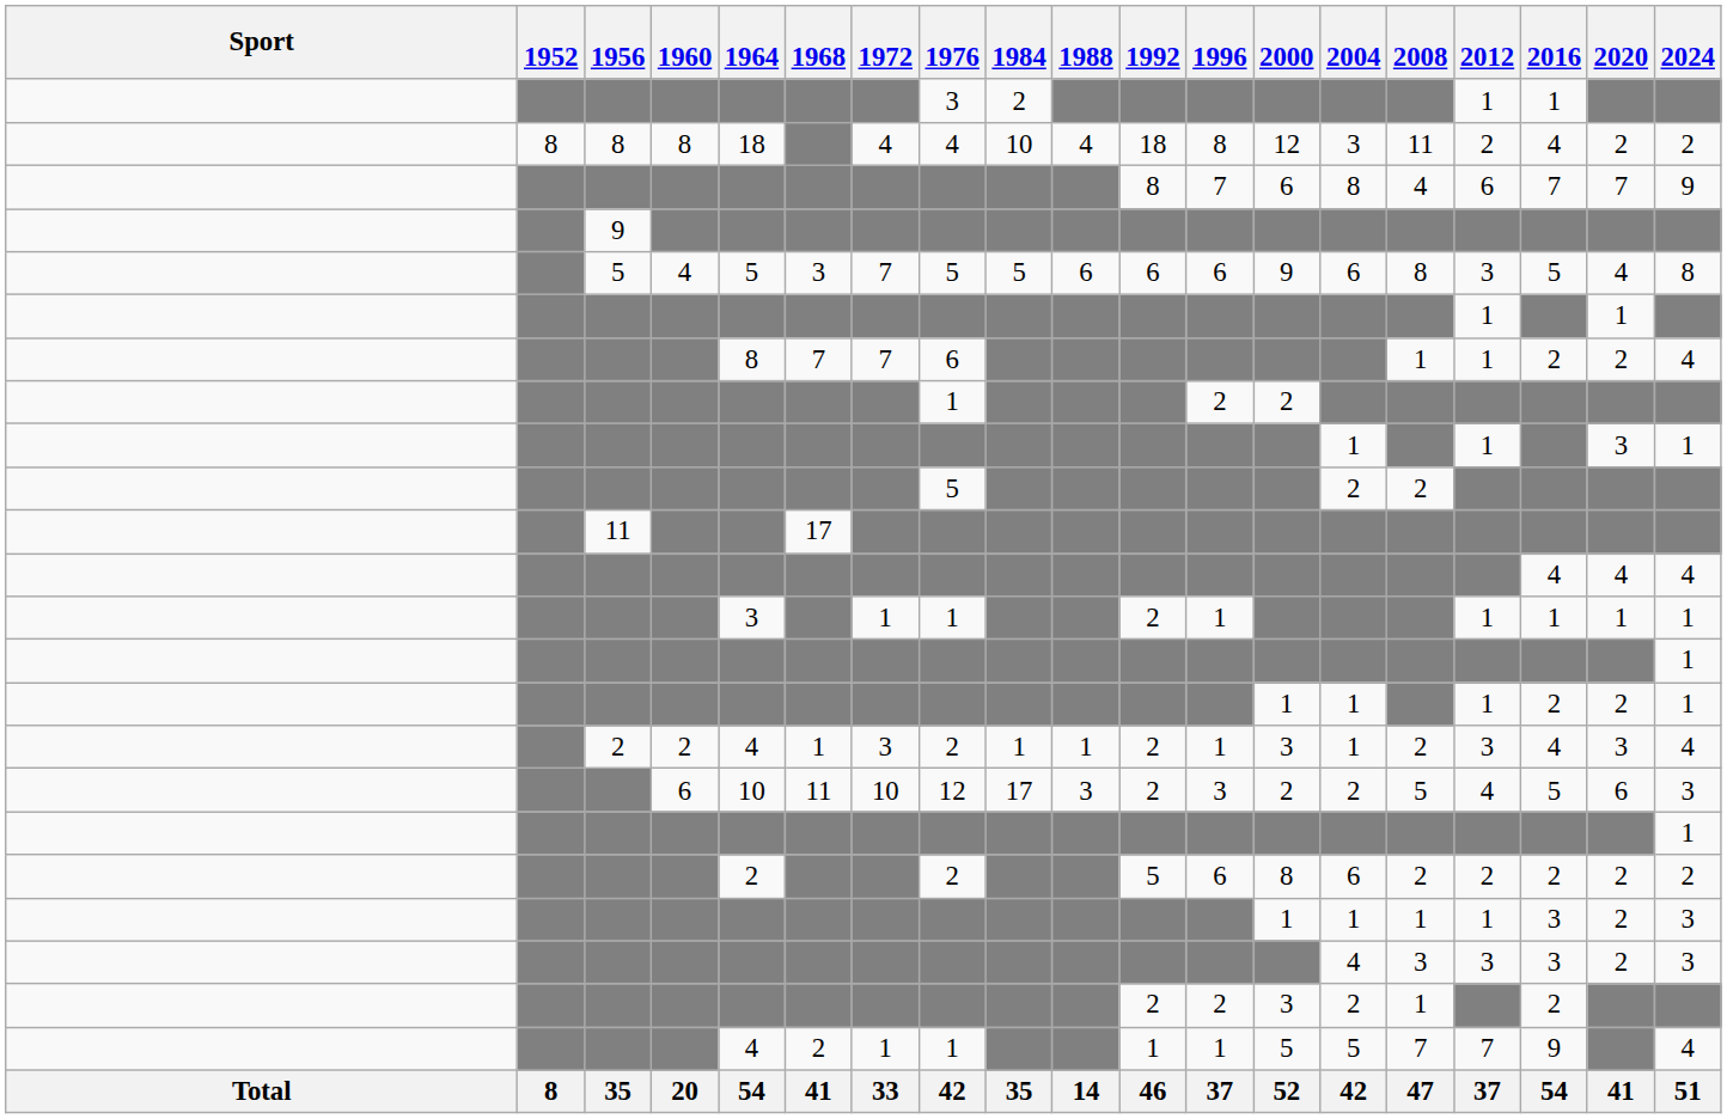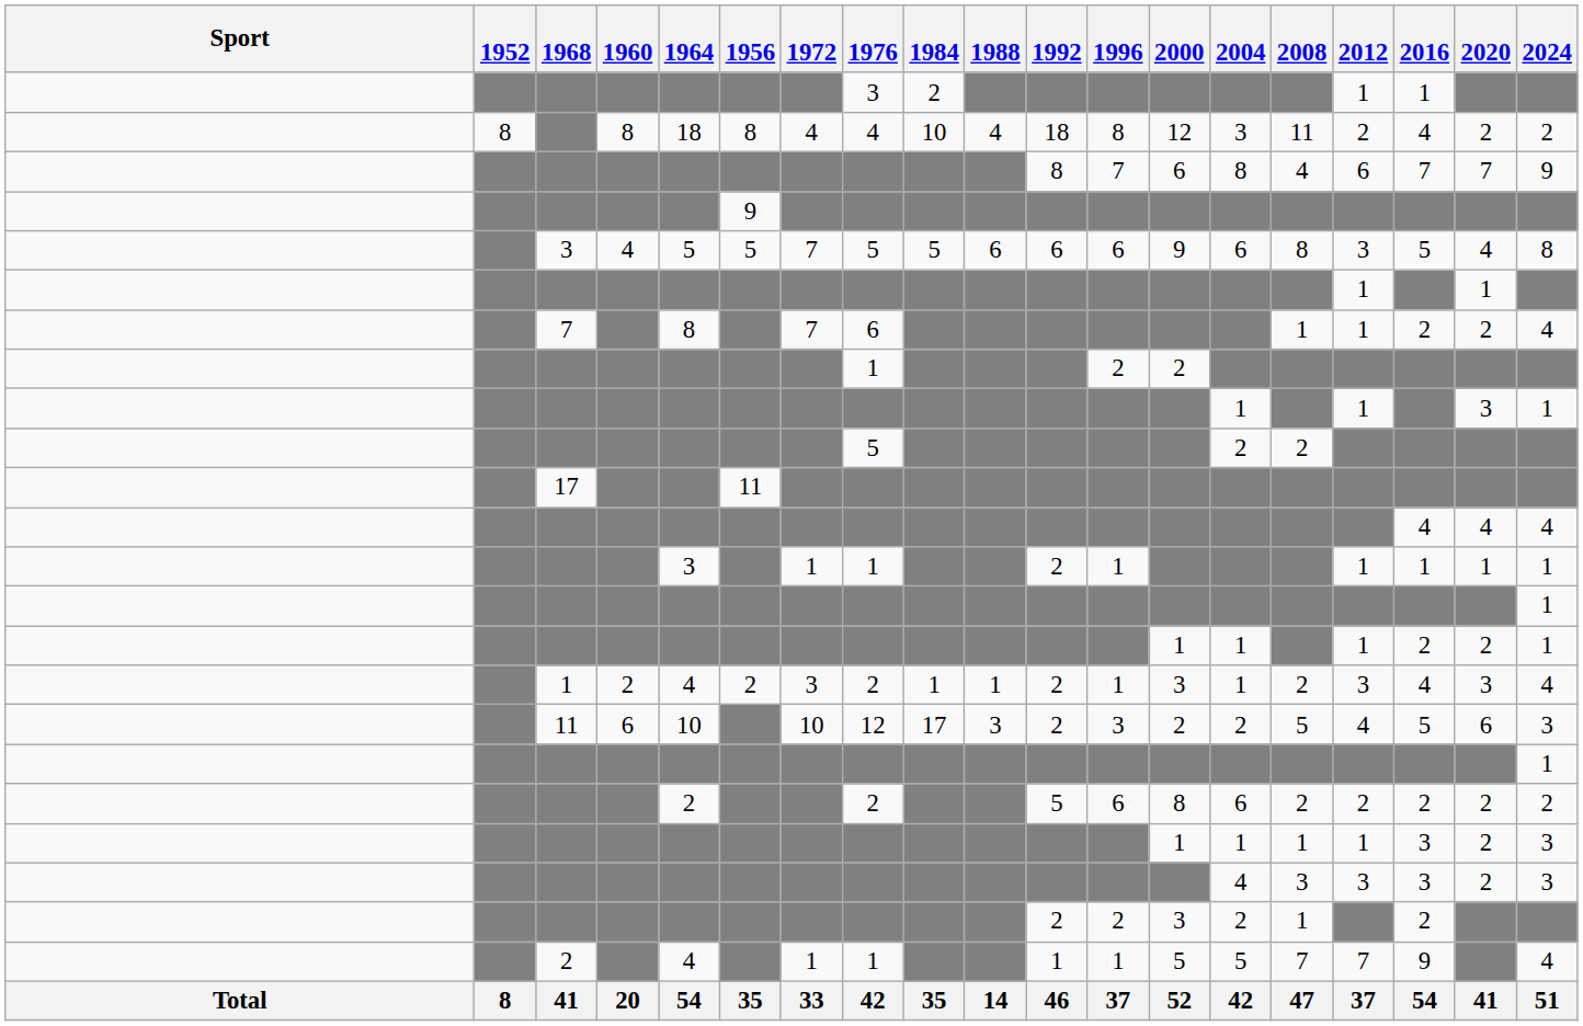 <table class="wikitable" width=80%>
 <tr>
 <th style="width:30em">Sport</th>
 <th><br><a href='#'>1952</a></th>
-<th><br><a href='#'>1956</a></th>
+<th><br><a href='#'>1968</a></th>
 <th><br><a href='#'>1960</a></th>
 <th><br><a href='#'>1964</a></th>
-<th><br><a href='#'>1968</a></th>
+<th><br><a href='#'>1956</a></th>
 <th><br><a href='#'>1972</a></th>
 <th><br><a href='#'>1976</a></th>
 <th><br><a href='#'>1984</a></th>
 <th><br><a href='#'>1988</a></th>
 <th><br><a href='#'>1992</a></th>
 <th><br><a href='#'>1996</a></th>
 <th><br><a href='#'>2000</a></th>
 <th><br><a href='#'>2004</a></th>
 <th><br><a href='#'>2008</a></th>
 <th><br><a href='#'>2012</a></th>
 <th><br><a href='#'>2016</a></th>
 <th><br><a href='#'>2020</a></th>
 <th><br><a href='#'>2024</a></th>
 </tr>
 <tr>
 <td></td>
 <td bgcolor=grey></td>
 <td bgcolor=grey></td>
 <td bgcolor=grey></td>
 <td bgcolor=grey></td>
 <td bgcolor=grey></td>
 <td bgcolor=grey></td>
 <td align=center>3</td>
 <td align=center>2</td>
 <td bgcolor=grey></td>
 <td bgcolor=grey></td>
 <td bgcolor=grey></td>
 <td bgcolor=grey></td>
 <td bgcolor=grey></td>
 <td bgcolor=grey></td>
 <td align=center>1</td>
 <td align=center>1</td>
 <td bgcolor=grey></td>
 <td bgcolor=grey></td>
 </tr>
 <tr>
 <td></td>
 <td align=center>8</td>
-<td align=center>8</td>
+<td bgcolor=grey></td>
 <td align=center>8</td>
 <td align=center>18</td>
-<td bgcolor=grey></td>
+<td align=center>8</td>
 <td align=center>4</td>
 <td align=center>4</td>
 <td align=center>10</td>
 <td align=center>4</td>
 <td align=center>18</td>
 <td align=center>8</td>
 <td align=center>12</td>
 <td align=center>3</td>
 <td align=center>11</td>
 <td align=center>2</td>
 <td align=center>4</td>
 <td align=center>2</td>
 <td align=center>2</td>
 </tr>
 <tr>
 <td></td>
 <td bgcolor=grey></td>
 <td bgcolor=grey></td>
 <td bgcolor=grey></td>
 <td bgcolor=grey></td>
 <td bgcolor=grey></td>
 <td bgcolor=grey></td>
 <td bgcolor=grey></td>
 <td bgcolor=grey></td>
 <td bgcolor=grey></td>
 <td align=center>8</td>
 <td align=center>7</td>
 <td align=center>6</td>
 <td align=center>8</td>
 <td align=center>4</td>
 <td align=center>6</td>
 <td align=center>7</td>
 <td align=center>7</td>
 <td align=center>9</td>
 </tr>
 <tr>
 <td></td>
 <td bgcolor=grey></td>
-<td align=center>9</td>
 <td bgcolor=grey></td>
 <td bgcolor=grey></td>
 <td bgcolor=grey></td>
+<td align=center>9</td>
 <td bgcolor=grey></td>
 <td bgcolor=grey></td>
 <td bgcolor=grey></td>
 <td bgcolor=grey></td>
 <td bgcolor=grey></td>
 <td bgcolor=grey></td>
 <td bgcolor=grey></td>
 <td bgcolor=grey></td>
 <td bgcolor=grey></td>
 <td bgcolor=grey></td>
 <td bgcolor=grey></td>
 <td bgcolor=grey></td>
 <td bgcolor=grey></td>
 </tr>
 <tr>
 <td></td>
 <td bgcolor=grey></td>
-<td align=center>5</td>
+<td align=center>3</td>
 <td align=center>4</td>
 <td align=center>5</td>
-<td align=center>3</td>
+<td align=center>5</td>
 <td align=center>7</td>
 <td align=center>5</td>
 <td align=center>5</td>
 <td align=center>6</td>
 <td align=center>6</td>
 <td align=center>6</td>
 <td align=center>9</td>
 <td align=center>6</td>
 <td align=center>8</td>
 <td align=center>3</td>
 <td align=center>5</td>
 <td align=center>4</td>
 <td align=center>8</td>
 </tr>
 <tr>
 <td></td>
 <td bgcolor=grey></td>
 <td bgcolor=grey></td>
 <td bgcolor=grey></td>
 <td bgcolor=grey></td>
 <td bgcolor=grey></td>
 <td bgcolor=grey></td>
 <td bgcolor=grey></td>
 <td bgcolor=grey></td>
 <td bgcolor=grey></td>
 <td bgcolor=grey></td>
 <td bgcolor=grey></td>
 <td bgcolor=grey></td>
 <td bgcolor=grey></td>
 <td bgcolor=grey></td>
 <td align=center>1</td>
 <td bgcolor=grey></td>
 <td align=center>1</td>
 <td bgcolor=grey></td>
 </tr>
 <tr>
 <td></td>
 <td bgcolor=grey></td>
-<td bgcolor=grey></td>
+<td align=center>7</td>
 <td bgcolor=grey></td>
 <td align=center>8</td>
-<td align=center>7</td>
+<td bgcolor=grey></td>
 <td align=center>7</td>
 <td align=center>6</td>
 <td bgcolor=grey></td>
 <td bgcolor=grey></td>
 <td bgcolor=grey></td>
 <td bgcolor=grey></td>
 <td bgcolor=grey></td>
 <td bgcolor=grey></td>
 <td align=center>1</td>
 <td align=center>1</td>
 <td align=center>2</td>
 <td align=center>2</td>
 <td align=center>4</td>
 </tr>
 <tr>
 <td></td>
 <td bgcolor=grey></td>
 <td bgcolor=grey></td>
 <td bgcolor=grey></td>
 <td bgcolor=grey></td>
 <td bgcolor=grey></td>
 <td bgcolor=grey></td>
 <td align=center>1</td>
 <td bgcolor=grey></td>
 <td bgcolor=grey></td>
 <td bgcolor=grey></td>
 <td align=center>2</td>
 <td align=center>2</td>
 <td bgcolor=grey></td>
 <td bgcolor=grey></td>
 <td bgcolor=grey></td>
 <td bgcolor=grey></td>
 <td bgcolor=grey></td>
 <td bgcolor=grey></td>
 </tr>
 <tr>
 <td></td>
 <td bgcolor=grey></td>
 <td bgcolor=grey></td>
 <td bgcolor=grey></td>
 <td bgcolor=grey></td>
 <td bgcolor=grey></td>
 <td bgcolor=grey></td>
 <td bgcolor=grey></td>
 <td bgcolor=grey></td>
 <td bgcolor=grey></td>
 <td bgcolor=grey></td>
 <td bgcolor=grey></td>
 <td bgcolor=grey></td>
 <td align=center>1</td>
 <td bgcolor=grey></td>
 <td align=center>1</td>
 <td bgcolor=grey></td>
 <td align=center>3</td>
 <td align=center>1</td>
 </tr>
 <tr>
 <td></td>
 <td bgcolor=grey></td>
 <td bgcolor=grey></td>
 <td bgcolor=grey></td>
 <td bgcolor=grey></td>
 <td bgcolor=grey></td>
 <td bgcolor=grey></td>
 <td align=center>5</td>
 <td bgcolor=grey></td>
 <td bgcolor=grey></td>
 <td bgcolor=grey></td>
 <td bgcolor=grey></td>
 <td bgcolor=grey></td>
 <td align=center>2</td>
 <td align=center>2</td>
 <td bgcolor=grey></td>
 <td bgcolor=grey></td>
 <td bgcolor=grey></td>
 <td bgcolor=grey></td>
 </tr>
 <tr>
 <td></td>
 <td bgcolor=grey></td>
-<td align=center>11</td>
+<td align=center>17</td>
 <td bgcolor=grey></td>
 <td bgcolor=grey></td>
-<td align=center>17</td>
+<td align=center>11</td>
 <td bgcolor=grey></td>
 <td bgcolor=grey></td>
 <td bgcolor=grey></td>
 <td bgcolor=grey></td>
 <td bgcolor=grey></td>
 <td bgcolor=grey></td>
 <td bgcolor=grey></td>
 <td bgcolor=grey></td>
 <td bgcolor=grey></td>
 <td bgcolor=grey></td>
 <td bgcolor=grey></td>
 <td bgcolor=grey></td>
 <td bgcolor=grey></td>
 </tr>
 <tr>
 <td></td>
 <td bgcolor=grey></td>
 <td bgcolor=grey></td>
 <td bgcolor=grey></td>
 <td bgcolor=grey></td>
 <td bgcolor=grey></td>
 <td bgcolor=grey></td>
 <td bgcolor=grey></td>
 <td bgcolor=grey></td>
 <td bgcolor=grey></td>
 <td bgcolor=grey></td>
 <td bgcolor=grey></td>
 <td bgcolor=grey></td>
 <td bgcolor=grey></td>
 <td bgcolor=grey></td>
 <td bgcolor=grey></td>
 <td align=center>4</td>
 <td align=center>4</td>
 <td align=center>4</td>
 </tr>
 <tr>
 <td></td>
 <td bgcolor=grey></td>
 <td bgcolor=grey></td>
 <td bgcolor=grey></td>
 <td align=center>3</td>
 <td bgcolor=grey></td>
 <td align=center>1</td>
 <td align=center>1</td>
 <td bgcolor=grey></td>
 <td bgcolor=grey></td>
 <td align=center>2</td>
 <td align=center>1</td>
 <td bgcolor=grey></td>
 <td bgcolor=grey></td>
 <td bgcolor=grey></td>
 <td align=center>1</td>
 <td align=center>1</td>
 <td align=center>1</td>
 <td align=center>1</td>
 </tr>
 <tr>
 <td></td>
 <td bgcolor=grey></td>
 <td bgcolor=grey></td>
 <td bgcolor=grey></td>
 <td bgcolor=grey></td>
 <td bgcolor=grey></td>
 <td bgcolor=grey></td>
 <td bgcolor=grey></td>
 <td bgcolor=grey></td>
 <td bgcolor=grey></td>
 <td bgcolor=grey></td>
 <td bgcolor=grey></td>
 <td bgcolor=grey></td>
 <td bgcolor=grey></td>
 <td bgcolor=grey></td>
 <td bgcolor=grey></td>
 <td bgcolor=grey></td>
 <td bgcolor=grey></td>
 <td align=center>1</td>
 </tr>
 <tr>
 <td></td>
 <td bgcolor=grey></td>
 <td bgcolor=grey></td>
 <td bgcolor=grey></td>
 <td bgcolor=grey></td>
 <td bgcolor=grey></td>
 <td bgcolor=grey></td>
 <td bgcolor=grey></td>
 <td bgcolor=grey></td>
 <td bgcolor=grey></td>
 <td bgcolor=grey></td>
 <td bgcolor=grey></td>
 <td align=center>1</td>
 <td align=center>1</td>
 <td bgcolor=grey></td>
 <td align=center>1</td>
 <td align=center>2</td>
 <td align=center>2</td>
 <td align=center>1</td>
 </tr>
 <tr>
 <td></td>
 <td bgcolor=grey></td>
-<td align=center>2</td>
+<td align=center>1</td>
 <td align=center>2</td>
 <td align=center>4</td>
-<td align=center>1</td>
+<td align=center>2</td>
 <td align=center>3</td>
 <td align=center>2</td>
 <td align=center>1</td>
 <td align=center>1</td>
 <td align=center>2</td>
 <td align=center>1</td>
 <td align=center>3</td>
 <td align=center>1</td>
 <td align=center>2</td>
 <td align=center>3</td>
 <td align=center>4</td>
 <td align=center>3</td>
 <td align=center>4</td>
 </tr>
 <tr>
 <td></td>
 <td bgcolor=grey></td>
-<td bgcolor=grey></td>
+<td align=center>11</td>
 <td align=center>6</td>
 <td align=center>10</td>
-<td align=center>11</td>
+<td bgcolor=grey></td>
 <td align=center>10</td>
 <td align=center>12</td>
 <td align=center>17</td>
 <td align=center>3</td>
 <td align=center>2</td>
 <td align=center>3</td>
 <td align=center>2</td>
 <td align=center>2</td>
 <td align=center>5</td>
 <td align=center>4</td>
 <td align=center>5</td>
 <td align=center>6</td>
 <td align=center>3</td>
 </tr>
 <tr>
 <td></td>
 <td bgcolor=grey></td>
 <td bgcolor=grey></td>
 <td bgcolor=grey></td>
 <td bgcolor=grey></td>
 <td bgcolor=grey></td>
 <td bgcolor=grey></td>
 <td bgcolor=grey></td>
 <td bgcolor=grey></td>
 <td bgcolor=grey></td>
 <td bgcolor=grey></td>
 <td bgcolor=grey></td>
 <td bgcolor=grey></td>
 <td bgcolor=grey></td>
 <td bgcolor=grey></td>
 <td bgcolor=grey></td>
 <td bgcolor=grey></td>
 <td bgcolor=grey></td>
 <td align=center>1</td>
 </tr>
 <tr>
 <td></td>
 <td bgcolor=grey></td>
 <td bgcolor=grey></td>
 <td bgcolor=grey></td>
 <td align=center>2</td>
 <td bgcolor=grey></td>
 <td bgcolor=grey></td>
 <td align=center>2</td>
 <td bgcolor=grey></td>
 <td bgcolor=grey></td>
 <td align=center>5</td>
 <td align=center>6</td>
 <td align=center>8</td>
 <td align=center>6</td>
 <td align=center>2</td>
 <td align=center>2</td>
 <td align=center>2</td>
 <td align=center>2</td>
 <td align=center>2</td>
 </tr>
 <tr>
 <td></td>
 <td bgcolor=grey></td>
 <td bgcolor=grey></td>
 <td bgcolor=grey></td>
 <td bgcolor=grey></td>
 <td bgcolor=grey></td>
 <td bgcolor=grey></td>
 <td bgcolor=grey></td>
 <td bgcolor=grey></td>
 <td bgcolor=grey></td>
 <td bgcolor=grey></td>
 <td bgcolor=grey></td>
 <td align=center>1</td>
 <td align=center>1</td>
 <td align=center>1</td>
 <td align=center>1</td>
 <td align=center>3</td>
 <td align=center>2</td>
 <td align=center>3</td>
 </tr>
 <tr>
 <td></td>
 <td bgcolor=grey></td>
 <td bgcolor=grey></td>
 <td bgcolor=grey></td>
 <td bgcolor=grey></td>
 <td bgcolor=grey></td>
 <td bgcolor=grey></td>
 <td bgcolor=grey></td>
 <td bgcolor=grey></td>
 <td bgcolor=grey></td>
 <td bgcolor=grey></td>
 <td bgcolor=grey></td>
 <td bgcolor=grey></td>
 <td align=center>4</td>
 <td align=center>3</td>
 <td align=center>3</td>
 <td align=center>3</td>
 <td align=center>2</td>
 <td align=center>3</td>
 </tr>
 <tr>
 <td></td>
 <td bgcolor=grey></td>
 <td bgcolor=grey></td>
 <td bgcolor=grey></td>
 <td bgcolor=grey></td>
 <td bgcolor=grey></td>
 <td bgcolor=grey></td>
 <td bgcolor=grey></td>
 <td bgcolor=grey></td>
 <td bgcolor=grey></td>
 <td align=center>2</td>
 <td align=center>2</td>
 <td align=center>3</td>
 <td align=center>2</td>
 <td align=center>1</td>
 <td bgcolor=grey></td>
 <td align=center>2</td>
 <td bgcolor=grey></td>
 <td bgcolor=grey></td>
 </tr>
 <tr>
 <td></td>
 <td bgcolor=grey></td>
-<td bgcolor=grey></td>
+<td align=center>2</td>
 <td bgcolor=grey></td>
 <td align=center>4</td>
-<td align=center>2</td>
+<td bgcolor=grey></td>
 <td align=center>1</td>
 <td align=center>1</td>
 <td bgcolor=grey></td>
 <td bgcolor=grey></td>
 <td align=center>1</td>
 <td align=center>1</td>
 <td align=center>5</td>
 <td align=center>5</td>
 <td align=center>7</td>
 <td align=center>7</td>
 <td align=center>9</td>
 <td bgcolor=grey></td>
 <td align=center>4</td>
 </tr>
 <tr>
 <th>Total</th>
 <th align=center>8</th>
-<th align=center>35</th>
+<th align=center>41</th>
 <th align=center>20</th>
 <th align=center>54</th>
-<th align=center>41</th>
+<th align=center>35</th>
 <th align=center>33</th>
 <th align=center>42</th>
 <th align=center>35</th>
 <th align=center>14</th>
 <th align=center>46</th>
 <th align=center>37</th>
 <th align=center>52</th>
 <th align=center>42</th>
 <th align=center>47</th>
 <th align=center>37</th>
 <th align=center>54</th>
 <th align=center>41</th>
 <th align=center>51</th>
 </tr>
 </table>
